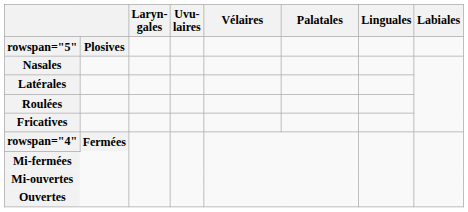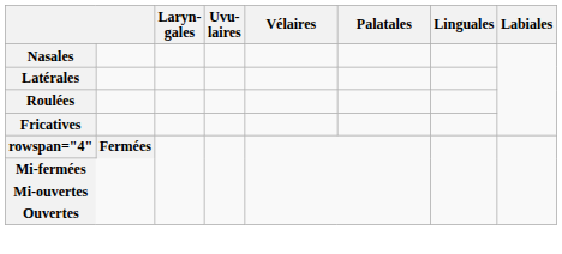 <table class="wikitable nowrap" style="text-align: center;">
 <tr>
 <th colspan="2"></th>
 <th>Laryn-<br>gales</th>
 <th>Uvu-<br>laires</th>
 <th style="min-width: 6em; max-width: 6em;">Vélaires</th>
 <th style="min-width: 6em; max-width: 6em;">Palatales</th>
 <th>Linguales</th>
 <th>Labiales</th>
-</tr>
-<tr>
-<th>rowspan="5" </th>
-<th>Plosives</th>
-<td></td>
-<td></td>
-<td style="text-align: left;"></td>
-<td style="text-align: right;"></td>
-<td></td>
-<td></td>
 </tr>
 <tr>
 <th>Nasales</th>
 <td></td>
 <td></td>
 <td style="text-align: left;"></td>
 <td style="text-align: right;"></td>
 <td></td>
 <td></td>
 </tr>
 <tr>
 <th>Latérales</th>
 <td></td>
 <td></td>
 <td></td>
 <td style="text-align: right;"></td>
 <td></td>
 <td></td>
 </tr>
 <tr>
 <th>Roulées</th>
 <td></td>
 <td></td>
 <td></td>
 <td></td>
 <td></td>
 <td></td>
 </tr>
 <tr>
 <th>Fricatives</th>
 <td></td>
 <td></td>
 <td></td>
 <td></td>
 <td><div></div><br><div></div></td>
 <td><div></div><br><div></div></td>
 </tr>
 <tr>
 <th>rowspan="4" </th>
 <th style="border: none;">Fermées</th>
 <td rowspan="4"></td>
 <td rowspan="4"></td>
 <td colspan="2" rowspan="4" class="wrap"><div></div><br><div> </div> <div></div> <div></div> <div></div> <div></div> <div></div></td>
 <td rowspan="4"></td>
 <td rowspan="4" style="vertical-align: top;"><div></div><br><div> </div> <div></div> <div> </div> <div></div></td>
 </tr>
 <tr>
 <th style="border: none;">Mi-fermées</th>
 </tr>
 <tr>
 <th style="border: none;">Mi-ouvertes</th>
 </tr>
 <tr>
 <th style="border: none;">Ouvertes</th>
 </tr>
 </table>
